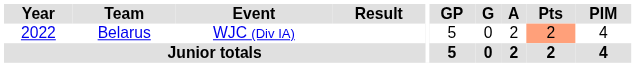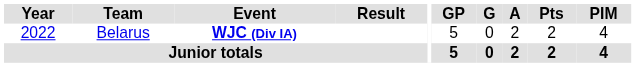 <table border="0" cellpadding="1" cellspacing="0" ID="Table3" style="text-align:center; width:40em">
 <tr bgcolor="#e0e0e0">
 <th>Year</th>
 <th>Team</th>
 <th>Event</th>
 <th>Result</th>
 <th rowspan="99" bgcolor="#ffffff"></th>
 <th>GP</th>
 <th>G</th>
 <th>A</th>
 <th>Pts</th>
 <th>PIM</th>
 </tr>
 <tr>
 <td><a href='#'>2022</a></td>
 <td><a href='#'>Belarus</a></td>
-<td><a href='#'>WJC <small>(Div IA)</small></a></td>
+<td><strong><a href='#'>WJC <small>(Div IA)</small></a></strong></td>
 <td></td>
 <td>5</td>
 <td>0</td>
 <td>2</td>
-<td style="background: lightsalmon;">2</td>
+<td>2</td>
 <td>4</td>
 </tr>
 <tr style="background:#e0e0e0;">
 <th colspan="4">Junior totals</th>
 <th>5</th>
 <th>0</th>
 <th>2</th>
 <th>2</th>
 <th>4</th>
 </tr>
 </table>
